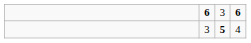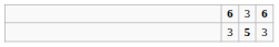 <table class="wikitable">
 <tr>
 <td style="width:18em"><strong></strong></td>
 <td align=center style="width:1em"><strong>6</strong></td>
 <td align=center style="width:1em">3</td>
 <td align=center style="width:1em"><strong>6</strong></td>
 </tr>
 <tr>
 <td style="width:18em"></td>
 <td align=center style="width:1em">3</td>
 <td align=center style="width:1em"><strong>5</strong></td>
-<td align=center style="width:1em">4</td>
+<td align=center style="width:1em">3</td>
 </tr>
 </table>
